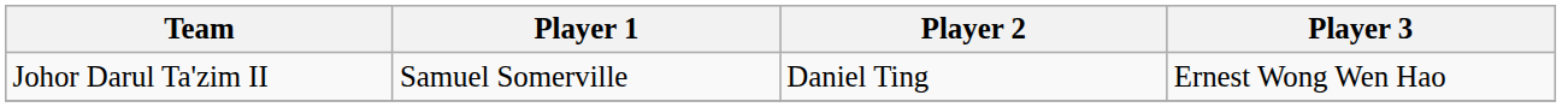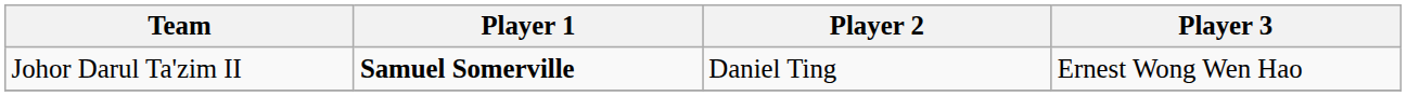 <table class="wikitable sortable">
 <tr>
 <th style="width:200px;">Team</th>
 <th style="width:200px;">Player 1</th>
 <th style="width:200px;">Player 2</th>
 <th style="width:200px;">Player 3</th>
 </tr>
 <tr>
 <td>Johor Darul Ta'zim II</td>
-<td> Samuel Somerville</td>
+<td><strong> Samuel Somerville</strong></td>
 <td> Daniel Ting</td>
 <td> Ernest Wong Wen Hao</td>
 </tr>
 <tr>
 </tr>
 </table>
